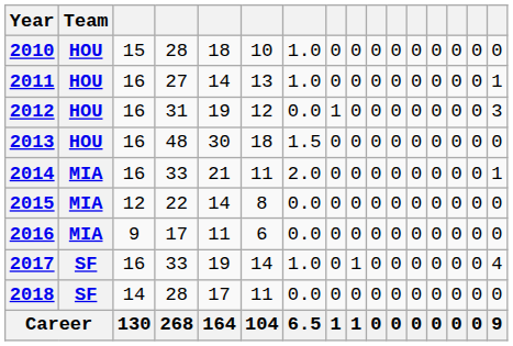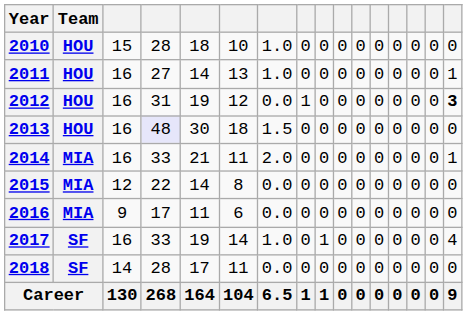 <table class="wikitable sortable" style="text-align:center">
 <tr>
 <th>Year</th>
 <th>Team</th>
 <th></th>
 <th></th>
 <th></th>
 <th></th>
 <th></th>
 <th></th>
 <th></th>
 <th></th>
 <th></th>
 <th></th>
 <th></th>
 <th></th>
 <th></th>
 <th></th>
 </tr>
 <tr>
 <th><a href='#'>2010</a></th>
 <th><a href='#'>HOU</a></th>
 <td>15</td>
 <td>28</td>
 <td>18</td>
 <td>10</td>
 <td>1.0</td>
 <td>0</td>
 <td>0</td>
 <td>0</td>
 <td>0</td>
 <td>0</td>
 <td>0</td>
 <td>0</td>
 <td>0</td>
 <td>0</td>
 </tr>
 <tr>
 <th><a href='#'>2011</a></th>
 <th><a href='#'>HOU</a></th>
 <td>16</td>
 <td>27</td>
 <td>14</td>
 <td>13</td>
 <td>1.0</td>
 <td>0</td>
 <td>0</td>
 <td>0</td>
 <td>0</td>
 <td>0</td>
 <td>0</td>
 <td>0</td>
 <td>0</td>
 <td>1</td>
 </tr>
 <tr>
 <th><a href='#'>2012</a></th>
 <th><a href='#'>HOU</a></th>
 <td>16</td>
 <td>31</td>
 <td>19</td>
 <td>12</td>
 <td>0.0</td>
 <td>1</td>
 <td>0</td>
 <td>0</td>
 <td>0</td>
 <td>0</td>
 <td>0</td>
 <td>0</td>
 <td>0</td>
-<td>3</td>
+<td><strong>3</strong></td>
 </tr>
 <tr>
 <th><a href='#'>2013</a></th>
 <th><a href='#'>HOU</a></th>
 <td>16</td>
-<td>48</td>
+<td style="background: lavender;">48</td>
 <td>30</td>
 <td>18</td>
 <td>1.5</td>
 <td>0</td>
 <td>0</td>
 <td>0</td>
 <td>0</td>
 <td>0</td>
 <td>0</td>
 <td>0</td>
 <td>0</td>
 <td>0</td>
 </tr>
 <tr>
 <th><a href='#'>2014</a></th>
 <th><a href='#'>MIA</a></th>
 <td>16</td>
 <td>33</td>
 <td>21</td>
 <td>11</td>
 <td>2.0</td>
 <td>0</td>
 <td>0</td>
 <td>0</td>
 <td>0</td>
 <td>0</td>
 <td>0</td>
 <td>0</td>
 <td>0</td>
 <td>1</td>
 </tr>
 <tr>
 <th><a href='#'>2015</a></th>
 <th><a href='#'>MIA</a></th>
 <td>12</td>
 <td>22</td>
 <td>14</td>
 <td>8</td>
 <td>0.0</td>
 <td>0</td>
 <td>0</td>
 <td>0</td>
 <td>0</td>
 <td>0</td>
 <td>0</td>
 <td>0</td>
 <td>0</td>
 <td>0</td>
 </tr>
 <tr>
 <th><a href='#'>2016</a></th>
 <th><a href='#'>MIA</a></th>
 <td>9</td>
 <td>17</td>
 <td>11</td>
 <td>6</td>
 <td>0.0</td>
 <td>0</td>
 <td>0</td>
 <td>0</td>
 <td>0</td>
 <td>0</td>
 <td>0</td>
 <td>0</td>
 <td>0</td>
 <td>0</td>
 </tr>
 <tr>
 <th><a href='#'>2017</a></th>
 <th><a href='#'>SF</a></th>
 <td>16</td>
 <td>33</td>
 <td>19</td>
 <td>14</td>
 <td>1.0</td>
 <td>0</td>
 <td>1</td>
 <td>0</td>
 <td>0</td>
 <td>0</td>
 <td>0</td>
 <td>0</td>
 <td>0</td>
 <td>4</td>
 </tr>
 <tr>
 <th><a href='#'>2018</a></th>
 <th><a href='#'>SF</a></th>
 <td>14</td>
 <td>28</td>
 <td>17</td>
 <td>11</td>
 <td>0.0</td>
 <td>0</td>
 <td>0</td>
 <td>0</td>
 <td>0</td>
 <td>0</td>
 <td>0</td>
 <td>0</td>
 <td>0</td>
 <td>0</td>
 </tr>
 <tr class="sortbottom">
 <th colspan="2">Career</th>
 <th>130</th>
 <th>268</th>
 <th>164</th>
 <th>104</th>
 <th>6.5</th>
 <th>1</th>
 <th>1</th>
 <th>0</th>
 <th>0</th>
 <th>0</th>
 <th>0</th>
 <th>0</th>
 <th>0</th>
 <th>9</th>
 </tr>
 </table>
